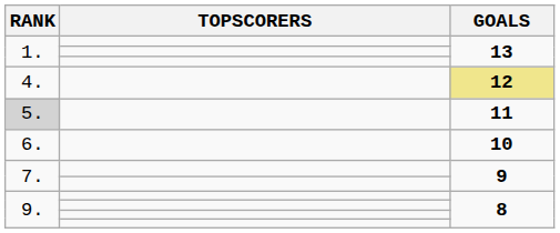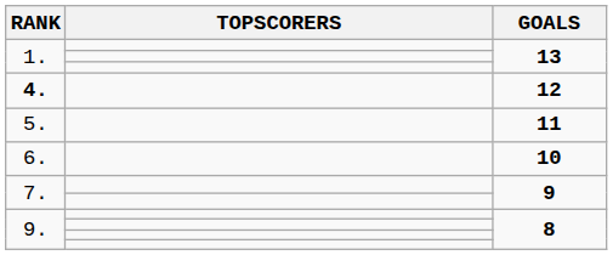 <table class="wikitable">
 <tr>
 <th>RANK</th>
 <th style="width: 20em">TOPSCORERS</th>
 <th style="width: 5em">GOALS</th>
 </tr>
 <tr>
 <td rowspan=3 align="center">1.</td>
 <td></td>
 <td rowspan=3 align="center"><strong>13</strong></td>
 </tr>
 <tr>
 <td></td>
 </tr>
 <tr>
 <td></td>
 </tr>
 <tr>
-<td align="center">4.</td>
+<td align="center"><strong>4.</strong></td>
 <td></td>
-<td align="center" style="background: khaki;"><strong>12</strong></td>
+<td align="center"><strong>12</strong></td>
 </tr>
 <tr>
-<td align="center" style="background: lightgrey;">5.</td>
+<td align="center">5.</td>
 <td></td>
 <td align="center"><strong>11</strong></td>
 </tr>
 <tr>
 <td align="center">6.</td>
 <td></td>
 <td align="center"><strong>10</strong></td>
 </tr>
 <tr>
 <td rowspan=2 align="center">7.</td>
 <td></td>
 <td rowspan=2 align="center"><strong>9</strong></td>
 </tr>
 <tr>
 <td></td>
 </tr>
 <tr>
 <td rowspan=4 align="center">9.</td>
 <td></td>
 <td rowspan=4 align="center"><strong>8</strong></td>
 </tr>
 <tr>
 <td></td>
 </tr>
 <tr>
 <td></td>
 </tr>
 <tr>
 <td></td>
 </tr>
 </table>
